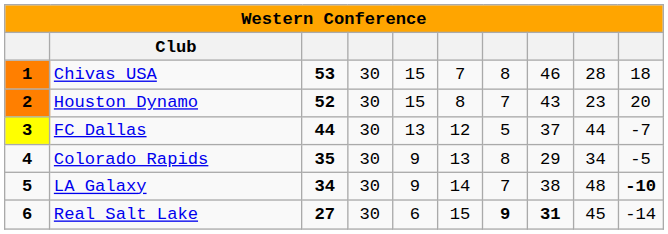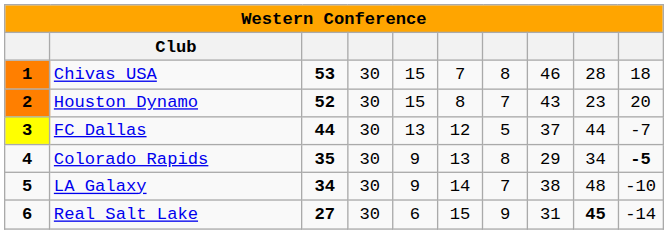 <table class="wikitable">
 <tr>
 <td colspan=10 align=center bgcolor=orange><span><strong>Western Conference</strong></span></td>
 </tr>
 <tr>
 <th width=28></th>
 <th width=185>Club</th>
 <th width=28></th>
 <th width=28></th>
 <th width=28></th>
 <th width=28></th>
 <th width=28></th>
 <th width=28></th>
 <th width=28></th>
 <th width=28></th>
 </tr>
 <tr>
 <td bgcolor=#FF7F00 align=center><strong>1</strong></td>
 <td><a href='#'>Chivas USA</a></td>
 <td align=center><strong>53</strong></td>
 <td align=center>30</td>
 <td align=center>15</td>
 <td align=center>7</td>
 <td align=center>8</td>
 <td align=center>46</td>
 <td align=center>28</td>
 <td align=center>18</td>
 </tr>
 <tr>
 <td bgcolor=#FF7F00 align=center><strong>2</strong></td>
 <td><a href='#'>Houston Dynamo</a></td>
 <td align=center><strong>52</strong></td>
 <td align=center>30</td>
 <td align=center>15</td>
 <td align=center>8</td>
 <td align=center>7</td>
 <td align=center>43</td>
 <td align=center>23</td>
 <td align=center>20</td>
 </tr>
 <tr>
 <td bgcolor=#FFFF00 align=center><strong>3</strong></td>
 <td><a href='#'>FC Dallas</a></td>
 <td align=center><strong>44</strong></td>
 <td align=center>30</td>
 <td align=center>13</td>
 <td align=center>12</td>
 <td align=center>5</td>
 <td align=center>37</td>
 <td align=center>44</td>
 <td align=center>-7</td>
 </tr>
 <tr>
 <td align=center><strong>4</strong></td>
 <td><a href='#'>Colorado Rapids</a></td>
 <td align=center><strong>35</strong></td>
 <td align=center>30</td>
 <td align=center>9</td>
 <td align=center>13</td>
 <td align=center>8</td>
 <td align=center>29</td>
 <td align=center>34</td>
-<td align=center>-5</td>
+<td align=center><strong>-5</strong></td>
 </tr>
 <tr>
 <td align=center><strong>5</strong></td>
 <td><a href='#'>LA Galaxy</a></td>
 <td align=center><strong>34</strong></td>
 <td align=center>30</td>
 <td align=center>9</td>
 <td align=center>14</td>
 <td align=center>7</td>
 <td align=center>38</td>
 <td align=center>48</td>
-<td align=center><strong>-10</strong></td>
+<td align=center>-10</td>
 </tr>
 <tr>
 <td align=center><strong>6</strong></td>
 <td><a href='#'>Real Salt Lake</a></td>
 <td align=center><strong>27</strong></td>
 <td align=center>30</td>
 <td align=center>6</td>
 <td align=center>15</td>
-<td align=center><strong>9</strong></td>
-<td align=center><strong>31</strong></td>
-<td align=center>45</td>
+<td align=center>9</td>
+<td align=center>31</td>
+<td align=center><strong>45</strong></td>
 <td align=center>-14</td>
 </tr>
 </table>
